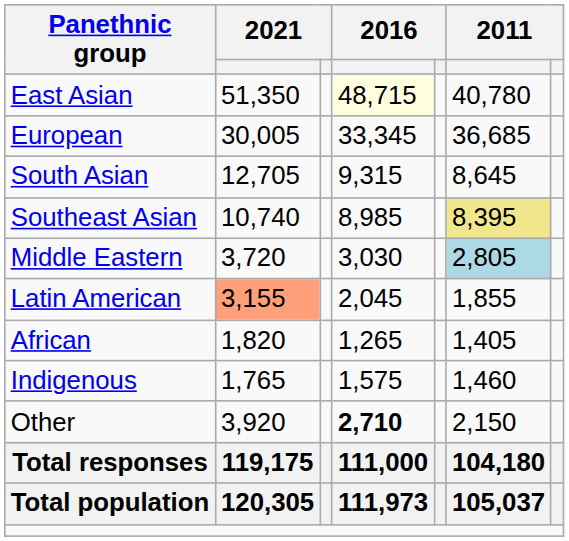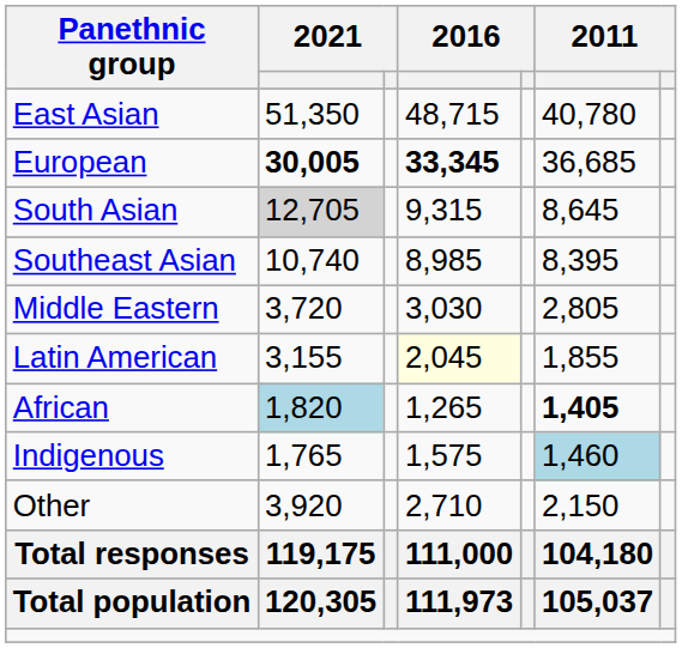 <table class="wikitable collapsible sortable">
 <tr>
 <th rowspan="2"><a href='#'>Panethnic</a><br>group</th>
 <th colspan="2">2021</th>
 <th colspan="2">2016</th>
 <th colspan="2">2011</th>
 </tr>
 <tr>
 <th><a href='#'></a></th>
 <th></th>
 <th></th>
 <th></th>
 <th></th>
 <th></th>
 </tr>
 <tr>
 <td><a href='#'>East Asian</a></td>
 <td>51,350</td>
 <td></td>
-<td style="background: lightyellow;">48,715</td>
+<td>48,715</td>
 <td></td>
 <td>40,780</td>
 <td></td>
 </tr>
 <tr>
 <td><a href='#'>European</a></td>
-<td>30,005</td>
+<td><strong>30,005</strong></td>
 <td></td>
-<td>33,345</td>
+<td><strong>33,345</strong></td>
 <td></td>
 <td>36,685</td>
 <td></td>
 </tr>
 <tr>
 <td><a href='#'>South Asian</a></td>
-<td>12,705</td>
+<td style="background: lightgrey;">12,705</td>
 <td></td>
 <td>9,315</td>
 <td></td>
 <td>8,645</td>
 <td></td>
 </tr>
 <tr>
 <td><a href='#'>Southeast Asian</a></td>
 <td>10,740</td>
 <td></td>
 <td>8,985</td>
 <td></td>
-<td style="background: khaki;">8,395</td>
+<td>8,395</td>
 <td></td>
 </tr>
 <tr>
 <td><a href='#'>Middle Eastern</a></td>
 <td>3,720</td>
 <td></td>
 <td>3,030</td>
 <td></td>
-<td style="background: lightblue;">2,805</td>
+<td>2,805</td>
 <td></td>
 </tr>
 <tr>
 <td><a href='#'>Latin American</a></td>
-<td style="background: lightsalmon;">3,155</td>
+<td>3,155</td>
 <td></td>
-<td>2,045</td>
+<td style="background: lightyellow;">2,045</td>
 <td></td>
 <td>1,855</td>
 <td></td>
 </tr>
 <tr>
 <td><a href='#'>African</a></td>
-<td>1,820</td>
+<td style="background: lightblue;">1,820</td>
 <td></td>
 <td>1,265</td>
 <td></td>
-<td>1,405</td>
+<td><strong>1,405</strong></td>
 <td></td>
 </tr>
 <tr>
 <td><a href='#'>Indigenous</a></td>
 <td>1,765</td>
 <td></td>
 <td>1,575</td>
 <td></td>
-<td>1,460</td>
+<td style="background: lightblue;">1,460</td>
 <td></td>
 </tr>
 <tr>
 <td>Other</td>
 <td>3,920</td>
 <td></td>
-<td><strong>2,710</strong></td>
+<td>2,710</td>
 <td></td>
 <td>2,150</td>
 <td></td>
 </tr>
 <tr>
 <th>Total responses</th>
 <th>119,175</th>
 <th></th>
 <th>111,000</th>
 <th></th>
 <th>104,180</th>
 <th></th>
 </tr>
 <tr>
 <th>Total population</th>
 <th>120,305</th>
 <th></th>
 <th>111,973</th>
 <th></th>
 <th>105,037</th>
 <th></th>
 </tr>
 <tr class="sortbottom">
 <td colspan="15"></td>
 </tr>
 </table>
